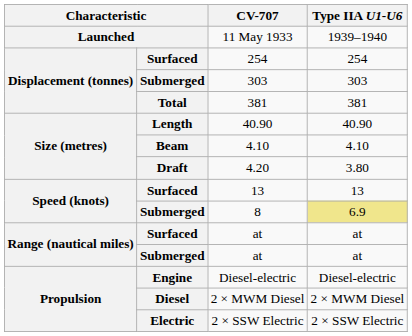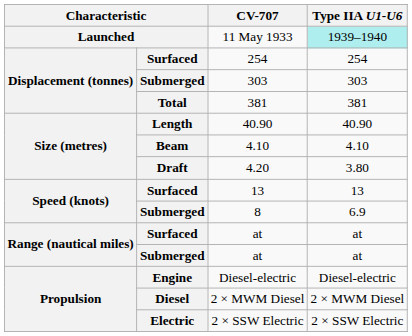 <table class="wikitable" style="font-size:95%; text-align: center;">
 <tr>
 <th scope="col" colspan=2>Characteristic</th>
 <th scope="col">CV-707</th>
 <th scope="col">Type IIA <em>U1</em>-<em>U6</em></th>
 </tr>
 <tr>
 <th scope="row" colspan=2>Launched</th>
 <td>11 May 1933</td>
-<td>1939–1940</td>
+<td style="background: paleturquoise;">1939–1940</td>
 </tr>
 <tr>
 <th scope="row" rowspan=3>Displacement (tonnes)</th>
 <th scope="row">Surfaced</th>
 <td>254</td>
 <td>254</td>
 </tr>
 <tr>
 <th scope="row">Submerged</th>
 <td>303</td>
 <td>303</td>
 </tr>
 <tr>
 <th scope="row">Total</th>
 <td>381</td>
 <td>381</td>
 </tr>
 <tr>
 <th scope="row" rowspan=3>Size (metres)</th>
 <th scope="row">Length</th>
 <td>40.90</td>
 <td>40.90</td>
 </tr>
 <tr>
 <th scope="row">Beam</th>
 <td>4.10</td>
 <td>4.10</td>
 </tr>
 <tr>
 <th scope="row">Draft</th>
 <td>4.20</td>
 <td>3.80</td>
 </tr>
 <tr>
 <th scope="row" rowspan=2>Speed (knots)</th>
 <th scope="row">Surfaced</th>
 <td>13</td>
 <td>13</td>
 </tr>
 <tr>
 <th scope="row">Submerged</th>
 <td>8</td>
-<td style="background: khaki;">6.9</td>
+<td>6.9</td>
 </tr>
 <tr>
 <th scope="row" rowspan=2>Range (nautical miles)</th>
 <th scope="row">Surfaced</th>
 <td> at </td>
 <td> at </td>
 </tr>
 <tr>
 <th scope="row">Submerged</th>
 <td> at </td>
 <td> at </td>
 </tr>
 <tr>
 <th scope="row" rowspan=3>Propulsion</th>
 <th scope="row">Engine</th>
 <td>Diesel-electric</td>
 <td>Diesel-electric</td>
 </tr>
 <tr>
 <th scope="row">Diesel</th>
 <td>2 × MWM Diesel </td>
 <td>2 × MWM Diesel </td>
 </tr>
 <tr>
 <th scope="row">Electric</th>
 <td>2 × SSW Electric </td>
 <td>2 × SSW Electric </td>
 </tr>
 </table>
